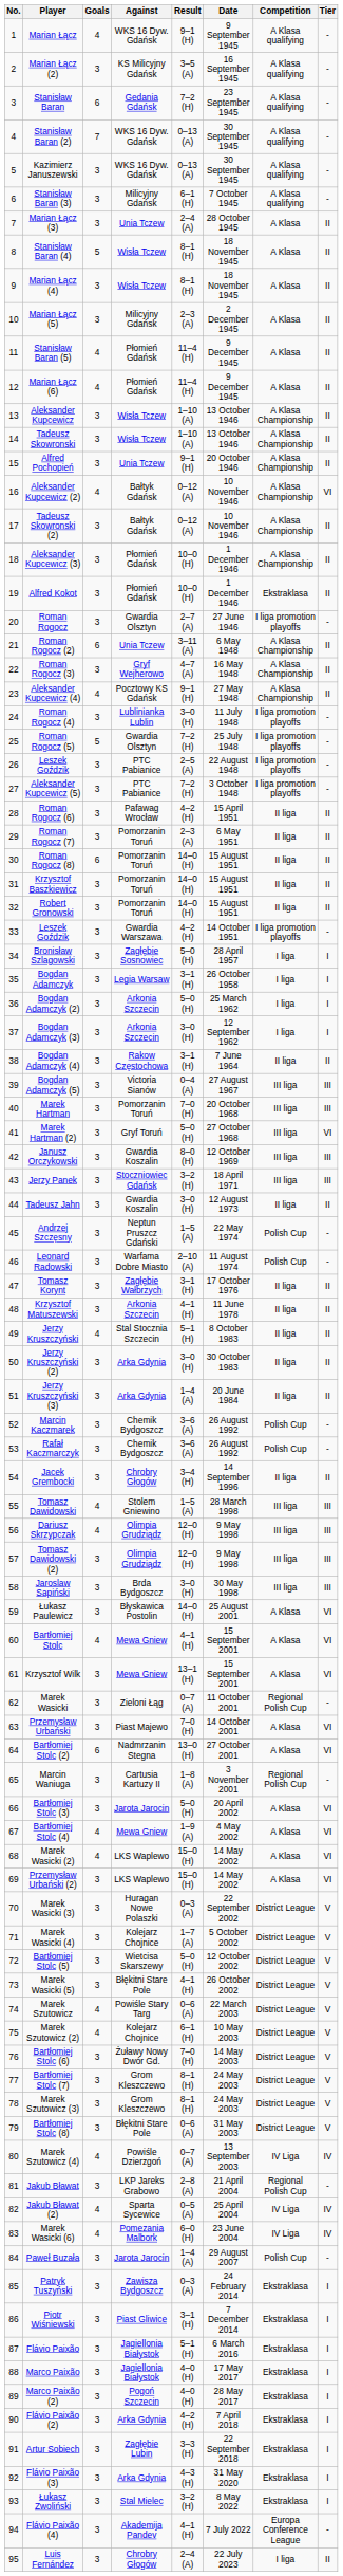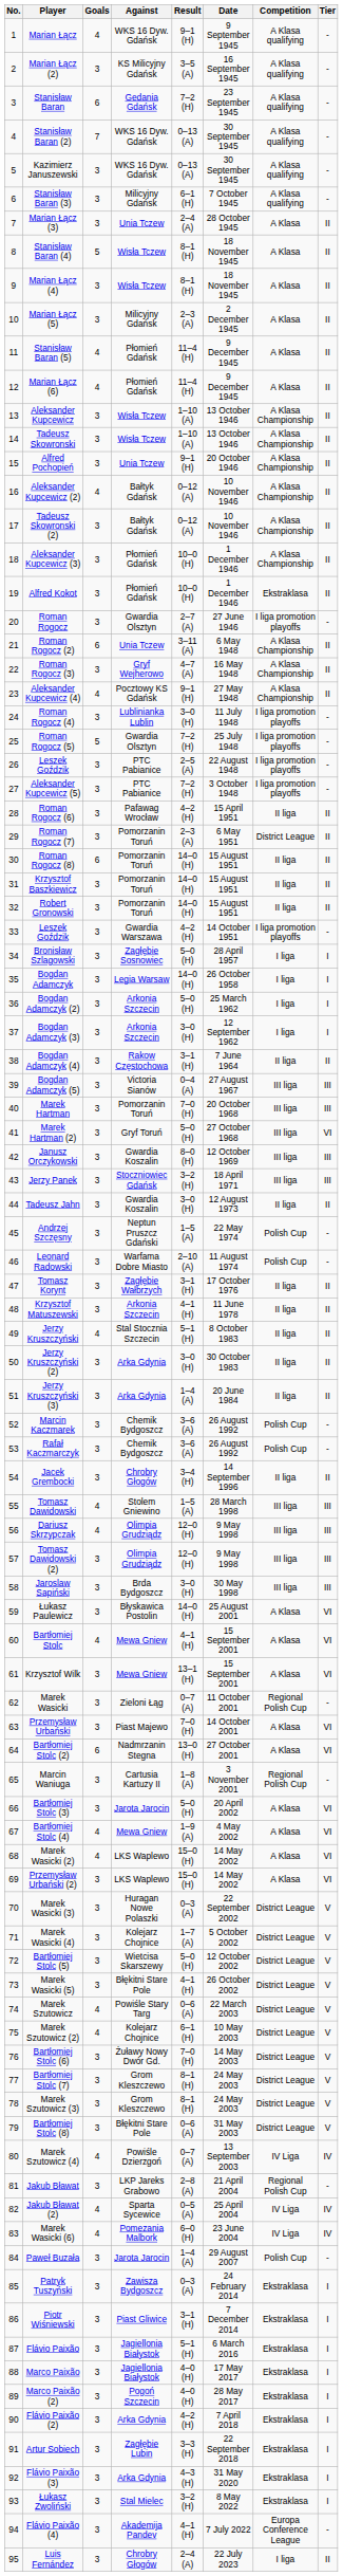 <table class="wikitable" style="text-align: center">
 <tr>
 <th>No.</th>
 <th>Player</th>
 <th>Goals</th>
 <th>Against</th>
 <th>Result</th>
 <th>Date</th>
 <th>Competition</th>
 <th>Tier</th>
 </tr>
 <tr>
 <td>1</td>
 <td><a href='#'>Marian Łącz</a></td>
 <td>4</td>
 <td>WKS 16 Dyw. Gdańsk</td>
 <td>9–1 (H)</td>
 <td>9 September 1945</td>
 <td>A Klasa qualifying</td>
 <td>-</td>
 </tr>
 <tr>
 <td>2</td>
 <td><a href='#'>Marian Łącz</a> (2)</td>
 <td>3</td>
 <td>KS Milicyjny Gdańsk</td>
 <td>3–5 (A)</td>
 <td>16 September 1945</td>
 <td>A Klasa qualifying</td>
 <td>-</td>
 </tr>
 <tr>
 <td>3</td>
 <td><a href='#'>Stanisław Baran</a></td>
 <td>6</td>
 <td><a href='#'>Gedania Gdańsk</a></td>
 <td>7–2 (H)</td>
 <td>23 September 1945</td>
 <td>A Klasa qualifying</td>
 <td>-</td>
 </tr>
 <tr>
 <td>4</td>
 <td><a href='#'>Stanisław Baran</a> (2)</td>
 <td>7</td>
 <td>WKS 16 Dyw. Gdańsk</td>
 <td>0–13 (A)</td>
 <td>30 September 1945</td>
 <td>A Klasa qualifying</td>
 <td>-</td>
 </tr>
 <tr>
 <td>5</td>
 <td>Kazimierz Januszewski</td>
 <td>3</td>
 <td>WKS 16 Dyw. Gdańsk</td>
 <td>0–13 (A)</td>
 <td>30 September 1945</td>
 <td>A Klasa qualifying</td>
 <td>-</td>
 </tr>
 <tr>
 <td>6</td>
 <td><a href='#'>Stanisław Baran</a> (3)</td>
 <td>3</td>
 <td>Milicyjny Gdańsk</td>
 <td>6–1 (H)</td>
 <td>7 October 1945</td>
 <td>A Klasa qualifying</td>
 <td>-</td>
 </tr>
 <tr>
 <td>7</td>
 <td><a href='#'>Marian Łącz</a> (3)</td>
 <td>3</td>
 <td><a href='#'>Unia Tczew</a></td>
 <td>2–4 (A)</td>
 <td>28 October 1945</td>
 <td>A Klasa</td>
 <td>II</td>
 </tr>
 <tr>
 <td>8</td>
 <td><a href='#'>Stanisław Baran</a> (4)</td>
 <td>5</td>
 <td><a href='#'>Wisła Tczew</a></td>
 <td>8–1 (H)</td>
 <td>18 November 1945</td>
 <td>A Klasa</td>
 <td>II</td>
 </tr>
 <tr>
 <td>9</td>
 <td><a href='#'>Marian Łącz</a> (4)</td>
 <td>3</td>
 <td><a href='#'>Wisła Tczew</a></td>
 <td>8–1 (H)</td>
 <td>18 November 1945</td>
 <td>A Klasa</td>
 <td>II</td>
 </tr>
 <tr>
 <td>10</td>
 <td><a href='#'>Marian Łącz</a> (5)</td>
 <td>3</td>
 <td>Milicyjny Gdańsk</td>
 <td>2–3 (A)</td>
 <td>2 December 1945</td>
 <td>A Klasa</td>
 <td>II</td>
 </tr>
 <tr>
 <td>11</td>
 <td><a href='#'>Stanisław Baran</a> (5)</td>
 <td>4</td>
 <td>Płomień Gdańsk</td>
 <td>11–4 (H)</td>
 <td>9 December 1945</td>
 <td>A Klasa</td>
 <td>II</td>
 </tr>
 <tr>
 <td>12</td>
 <td><a href='#'>Marian Łącz</a> (6)</td>
 <td>4</td>
 <td>Płomień Gdańsk</td>
 <td>11–4 (H)</td>
 <td>9 December 1945</td>
 <td>A Klasa</td>
 <td>II</td>
 </tr>
 <tr>
 <td>13</td>
 <td><a href='#'>Aleksander Kupcewicz</a></td>
 <td>3</td>
 <td><a href='#'>Wisła Tczew</a></td>
 <td>1–10 (A)</td>
 <td>13 October 1946</td>
 <td>A Klasa Championship</td>
 <td>II</td>
 </tr>
 <tr>
 <td>14</td>
 <td><a href='#'>Tadeusz Skowronski</a></td>
 <td>3</td>
 <td><a href='#'>Wisła Tczew</a></td>
 <td>1–10 (A)</td>
 <td>13 October 1946</td>
 <td>A Klasa Championship</td>
 <td>II</td>
 </tr>
 <tr>
 <td>15</td>
 <td><a href='#'>Alfred Pochopień</a></td>
 <td>3</td>
 <td><a href='#'>Unia Tczew</a></td>
 <td>9–1 (H)</td>
 <td>20 October 1946</td>
 <td>A Klasa Championship</td>
 <td>II</td>
 </tr>
 <tr>
 <td>16</td>
 <td><a href='#'>Aleksander Kupcewicz</a> (2)</td>
 <td>4</td>
 <td>Bałtyk Gdańsk</td>
 <td>0–12 (A)</td>
 <td>10 November 1946</td>
 <td>A Klasa Championship</td>
-<td>VI</td>
+<td>II</td>
 </tr>
 <tr>
 <td>17</td>
 <td><a href='#'>Tadeusz Skowronski</a> (2)</td>
 <td>3</td>
 <td>Bałtyk Gdańsk</td>
 <td>0–12 (A)</td>
 <td>10 November 1946</td>
 <td>A Klasa Championship</td>
 <td>II</td>
 </tr>
 <tr>
 <td>18</td>
 <td><a href='#'>Aleksander Kupcewicz</a> (3)</td>
 <td>3</td>
 <td>Płomień Gdańsk</td>
 <td>10–0 (H)</td>
 <td>1 December 1946</td>
 <td>A Klasa Championship</td>
 <td>II</td>
 </tr>
 <tr>
 <td>19</td>
 <td><a href='#'>Alfred Kokot</a></td>
 <td>3</td>
 <td>Płomień Gdańsk</td>
 <td>10–0 (H)</td>
 <td>1 December 1946</td>
 <td>Ekstraklasa</td>
 <td>II</td>
 </tr>
 <tr>
 <td>20</td>
 <td><a href='#'>Roman Rogocz</a></td>
 <td>3</td>
 <td>Gwardia Olsztyn</td>
 <td>2–7 (A)</td>
 <td>27 June 1946</td>
 <td>I liga promotion playoffs</td>
 <td>-</td>
 </tr>
 <tr>
 <td>21</td>
 <td><a href='#'>Roman Rogocz</a> (2)</td>
 <td>6</td>
 <td><a href='#'>Unia Tczew</a></td>
 <td>3–11 (A)</td>
 <td>6 May 1948</td>
 <td>A Klasa Championship</td>
 <td>II</td>
 </tr>
 <tr>
 <td>22</td>
 <td><a href='#'>Roman Rogocz</a> (3)</td>
 <td>3</td>
 <td><a href='#'>Gryf Wejherowo</a></td>
 <td>4–7 (A)</td>
 <td>16 May 1948</td>
 <td>A Klasa Championship</td>
 <td>II</td>
 </tr>
 <tr>
 <td>23</td>
 <td><a href='#'>Aleksander Kupcewicz</a> (4)</td>
 <td>4</td>
 <td>Pocztowy KS Gdańsk</td>
 <td>9–1 (H)</td>
 <td>27 May 1948</td>
 <td>A Klasa Championship</td>
 <td>II</td>
 </tr>
 <tr>
 <td>24</td>
 <td><a href='#'>Roman Rogocz</a> (4)</td>
 <td>3</td>
 <td><a href='#'>Lublinianka Lublin</a></td>
 <td>3–0 (H)</td>
 <td>11 July 1948</td>
 <td>I liga promotion playoffs</td>
 <td>-</td>
 </tr>
 <tr>
 <td>25</td>
 <td><a href='#'>Roman Rogocz</a> (5)</td>
 <td>5</td>
 <td>Gwardia Olsztyn</td>
 <td>7–2 (H)</td>
 <td>25 July 1948</td>
 <td>I liga promotion playoffs</td>
 <td>-</td>
 </tr>
 <tr>
 <td>26</td>
 <td><a href='#'>Leszek Goździk</a></td>
 <td>3</td>
 <td>PTC Pabianice</td>
 <td>2–5 (A)</td>
 <td>22 August 1948</td>
 <td>I liga promotion playoffs</td>
 <td>-</td>
 </tr>
 <tr>
 <td>27</td>
 <td><a href='#'>Aleksander Kupcewicz</a> (5)</td>
 <td>3</td>
 <td>PTC Pabianice</td>
 <td>7–2 (H)</td>
 <td>3 October 1948</td>
 <td>I liga promotion playoffs</td>
 <td>-</td>
 </tr>
 <tr>
 <td>28</td>
 <td><a href='#'>Roman Rogocz</a> (6)</td>
 <td>3</td>
 <td>Pafawag Wrocław</td>
 <td>4–2 (H)</td>
 <td>15 April 1951</td>
 <td>II liga</td>
 <td>II</td>
 </tr>
 <tr>
 <td>29</td>
 <td><a href='#'>Roman Rogocz</a> (7)</td>
 <td>3</td>
 <td>Pomorzanin Toruń</td>
 <td>2–3 (A)</td>
 <td>6 May 1951</td>
-<td>II liga</td>
+<td>District League</td>
 <td>II</td>
 </tr>
 <tr>
 <td>30</td>
 <td><a href='#'>Roman Rogocz</a> (8)</td>
 <td>6</td>
 <td>Pomorzanin Toruń</td>
 <td>14–0 (H)</td>
 <td>15 August 1951</td>
 <td>II liga</td>
 <td>II</td>
 </tr>
 <tr>
 <td>31</td>
 <td><a href='#'>Krzysztof Baszkiewicz</a></td>
 <td>3</td>
 <td>Pomorzanin Toruń</td>
 <td>14–0 (H)</td>
 <td>15 August 1951</td>
 <td>II liga</td>
 <td>II</td>
 </tr>
 <tr>
 <td>32</td>
 <td><a href='#'>Robert Gronowski</a></td>
 <td>3</td>
 <td>Pomorzanin Toruń</td>
 <td>14–0 (H)</td>
 <td>15 August 1951</td>
 <td>II liga</td>
 <td>II</td>
 </tr>
 <tr>
 <td>33</td>
 <td><a href='#'>Leszek Goździk</a></td>
 <td>3</td>
 <td>Gwardia Warszawa</td>
 <td>4–2 (H)</td>
 <td>14 October 1951</td>
 <td>I liga promotion playoffs</td>
 <td>-</td>
 </tr>
 <tr>
 <td>34</td>
 <td><a href='#'>Bronisław Szlagowski</a></td>
 <td>3</td>
 <td><a href='#'>Zagłębie Sosnowiec</a></td>
 <td>5–0 (H)</td>
 <td>28 April 1957</td>
 <td>I liga</td>
 <td>I</td>
 </tr>
 <tr>
 <td>35</td>
 <td><a href='#'>Bogdan Adamczyk</a></td>
 <td>3</td>
 <td><a href='#'>Legia Warsaw</a></td>
-<td>3–1 (H)</td>
+<td>14–0 (H)</td>
 <td>26 October 1958</td>
 <td>I liga</td>
 <td>I</td>
 </tr>
 <tr>
 <td>36</td>
 <td><a href='#'>Bogdan Adamczyk</a> (2)</td>
 <td>3</td>
 <td><a href='#'>Arkonia Szczecin</a></td>
 <td>5–0 (H)</td>
 <td>25 March 1962</td>
 <td>I liga</td>
 <td>I</td>
 </tr>
 <tr>
 <td>37</td>
 <td><a href='#'>Bogdan Adamczyk</a> (3)</td>
 <td>3</td>
 <td><a href='#'>Arkonia Szczecin</a></td>
 <td>3–0 (H)</td>
 <td>12 September 1962</td>
 <td>I liga</td>
 <td>I</td>
 </tr>
 <tr>
 <td>38</td>
 <td><a href='#'>Bogdan Adamczyk</a> (4)</td>
 <td>3</td>
 <td><a href='#'>Rakow Częstochowa</a></td>
 <td>3–1 (H)</td>
 <td>7 June 1964</td>
 <td>II liga</td>
 <td>II</td>
 </tr>
 <tr>
 <td>39</td>
 <td><a href='#'>Bogdan Adamczyk</a> (5)</td>
 <td>3</td>
 <td>Victoria Sianów</td>
 <td>0–4 (A)</td>
 <td>27 August 1967</td>
 <td>III liga</td>
 <td>III</td>
 </tr>
 <tr>
 <td>40</td>
 <td><a href='#'>Marek Hartman</a></td>
 <td>3</td>
 <td>Pomorzanin Toruń</td>
 <td>7–0 (H)</td>
 <td>20 October 1968</td>
 <td>III liga</td>
 <td>III</td>
 </tr>
 <tr>
 <td>41</td>
 <td><a href='#'>Marek Hartman</a> (2)</td>
 <td>3</td>
 <td>Gryf Toruń</td>
 <td>5–0 (H)</td>
 <td>27 October 1968</td>
 <td>III liga</td>
 <td>VI</td>
 </tr>
 <tr>
 <td>42</td>
 <td><a href='#'>Janusz Orczykowski</a></td>
 <td>3</td>
 <td>Gwardia Koszalin</td>
 <td>8–0 (H)</td>
 <td>12 October 1969</td>
 <td>III liga</td>
 <td>III</td>
 </tr>
 <tr>
 <td>43</td>
 <td><a href='#'>Jerzy Panek</a></td>
 <td>3</td>
 <td><a href='#'>Stoczniowiec Gdańsk</a></td>
 <td>3–2 (H)</td>
 <td>18 April 1971</td>
 <td>III liga</td>
 <td>III</td>
 </tr>
 <tr>
 <td>44</td>
 <td><a href='#'>Tadeusz Jahn</a></td>
 <td>3</td>
 <td>Gwardia Koszalin</td>
 <td>3–0 (H)</td>
 <td>12 August 1973</td>
 <td>II liga</td>
 <td>II</td>
 </tr>
 <tr>
 <td>45</td>
 <td><a href='#'>Andrzej Szczęsny</a></td>
 <td>3</td>
 <td>Neptun Pruszcz Gdański</td>
 <td>1–5 (A)</td>
 <td>22 May 1974</td>
 <td>Polish Cup</td>
 <td>-</td>
 </tr>
 <tr>
 <td>46</td>
 <td><a href='#'>Leonard Radowski</a></td>
 <td>3</td>
 <td>Warfama Dobre Miasto</td>
 <td>2–10 (A)</td>
 <td>11 August 1974</td>
 <td>Polish Cup</td>
 <td>-</td>
 </tr>
 <tr>
 <td>47</td>
 <td><a href='#'>Tomasz Korynt</a></td>
 <td>3</td>
 <td><a href='#'>Zagłębie Wałbrzych</a></td>
 <td>3–1 (H)</td>
 <td>17 October 1976</td>
 <td>II liga</td>
 <td>II</td>
 </tr>
 <tr>
 <td>48</td>
 <td><a href='#'>Krzysztof Matuszewski</a></td>
 <td>3</td>
 <td><a href='#'>Arkonia Szczecin</a></td>
 <td>4–1 (H)</td>
 <td>11 June 1978</td>
 <td>II liga</td>
 <td>II</td>
 </tr>
 <tr>
 <td>49</td>
 <td><a href='#'>Jerzy Kruszczyński</a></td>
 <td>4</td>
 <td>Stal Stocznia Szczecin</td>
 <td>5–1 (H)</td>
 <td>8 October 1983</td>
 <td>II liga</td>
 <td>II</td>
 </tr>
 <tr>
 <td>50</td>
 <td><a href='#'>Jerzy Kruszczyński</a> (2)</td>
 <td>3</td>
 <td><a href='#'>Arka Gdynia</a></td>
 <td>3–0 (H)</td>
 <td>30 October 1983</td>
 <td>II liga</td>
 <td>II</td>
 </tr>
 <tr>
 <td>51</td>
 <td><a href='#'>Jerzy Kruszczyński</a> (3)</td>
 <td>3</td>
 <td><a href='#'>Arka Gdynia</a></td>
 <td>1–4 (A)</td>
 <td>20 June 1984</td>
 <td>II liga</td>
 <td>II</td>
 </tr>
 <tr>
 <td>52</td>
 <td><a href='#'>Marcin Kaczmarek</a></td>
 <td>3</td>
 <td>Chemik Bydgoszcz</td>
 <td>3–6 (A)</td>
 <td>26 August 1992</td>
 <td>Polish Cup</td>
 <td>-</td>
 </tr>
 <tr>
 <td>53</td>
 <td><a href='#'>Rafał Kaczmarczyk</a></td>
 <td>3</td>
 <td>Chemik Bydgoszcz</td>
 <td>3–6 (A)</td>
 <td>26 August 1992</td>
 <td>Polish Cup</td>
 <td>-</td>
 </tr>
 <tr>
 <td>54</td>
 <td><a href='#'>Jacek Grembocki</a></td>
 <td>3</td>
 <td><a href='#'>Chrobry Głogów</a></td>
 <td>3–4 (H)</td>
 <td>14 September 1996</td>
 <td>II liga</td>
 <td>II</td>
 </tr>
 <tr>
 <td>55</td>
 <td><a href='#'>Tomasz Dawidowski</a></td>
 <td>4</td>
 <td>Stolem Gniewino</td>
 <td>1–5 (A)</td>
 <td>28 March 1998</td>
 <td>III liga</td>
 <td>III</td>
 </tr>
 <tr>
 <td>56</td>
 <td><a href='#'>Dariusz Skrzypczak</a></td>
 <td>4</td>
 <td><a href='#'>Olimpia Grudziądz</a></td>
 <td>12–0 (H)</td>
 <td>9 May 1998</td>
 <td>III liga</td>
 <td>III</td>
 </tr>
 <tr>
 <td>57</td>
 <td><a href='#'>Tomasz Dawidowski</a> (2)</td>
 <td>3</td>
 <td><a href='#'>Olimpia Grudziądz</a></td>
 <td>12–0 (H)</td>
 <td>9 May 1998</td>
 <td>III liga</td>
 <td>III</td>
 </tr>
 <tr>
 <td>58</td>
 <td><a href='#'>Jaroslaw Sapiński</a></td>
 <td>3</td>
 <td>Brda Bydgoszcz</td>
 <td>3–0 (H)</td>
 <td>30 May 1998</td>
 <td>III liga</td>
 <td>III</td>
 </tr>
 <tr>
 <td>59</td>
 <td>Łukasz Paulewicz</td>
 <td>3</td>
 <td>Błyskawica Postolin</td>
 <td>14–0 (H)</td>
 <td>25 August 2001</td>
 <td>A Klasa</td>
 <td>VI</td>
 </tr>
 <tr>
 <td>60</td>
 <td><a href='#'>Bartłomiej Stolc</a></td>
 <td>4</td>
 <td><a href='#'>Mewa Gniew</a></td>
 <td>4–1 (H)</td>
 <td>15 September 2001</td>
 <td>A Klasa</td>
 <td>VI</td>
 </tr>
 <tr>
 <td>61</td>
 <td>Krzysztof Wilk</td>
 <td>3</td>
 <td><a href='#'>Mewa Gniew</a></td>
 <td>13–1 (H)</td>
 <td>15 September 2001</td>
 <td>A Klasa</td>
 <td>VI</td>
 </tr>
 <tr>
 <td>62</td>
 <td>Marek Wasicki</td>
 <td>3</td>
 <td>Zieloni Łąg</td>
 <td>0–7 (A)</td>
 <td>11 October 2001</td>
 <td>Regional Polish Cup</td>
 <td>-</td>
 </tr>
 <tr>
 <td>63</td>
 <td><a href='#'>Przemysław Urbański</a></td>
 <td>3</td>
 <td>Piast Majewo</td>
 <td>7–0 (H)</td>
 <td>14 October 2001</td>
 <td>A Klasa</td>
 <td>VI</td>
 </tr>
 <tr>
 <td>64</td>
 <td><a href='#'>Bartłomiej Stolc</a> (2)</td>
 <td>6</td>
 <td>Nadmrzanin Stegna</td>
 <td>13–0 (H)</td>
 <td>27 October 2001</td>
 <td>A Klasa</td>
 <td>VI</td>
 </tr>
 <tr>
 <td>65</td>
 <td>Marcin Waniuga</td>
 <td>3</td>
 <td>Cartusia Kartuzy II</td>
 <td>1–8 (A)</td>
 <td>3 November 2001</td>
 <td>Regional Polish Cup</td>
 <td>-</td>
 </tr>
 <tr>
 <td>66</td>
 <td><a href='#'>Bartłomiej Stolc</a> (3)</td>
 <td>3</td>
 <td><a href='#'>Jarota Jarocin</a></td>
 <td>5–0 (H)</td>
 <td>20 April 2002</td>
 <td>A Klasa</td>
 <td>VI</td>
 </tr>
 <tr>
 <td>67</td>
 <td><a href='#'>Bartłomiej Stolc</a> (4)</td>
 <td>4</td>
 <td><a href='#'>Mewa Gniew</a></td>
 <td>1–9 (A)</td>
 <td>4 May 2002</td>
 <td>A Klasa</td>
 <td>VI</td>
 </tr>
 <tr>
 <td>68</td>
 <td>Marek Wasicki (2)</td>
 <td>4</td>
 <td>LKS Waplewo</td>
 <td>15–0 (H)</td>
 <td>14 May 2002</td>
 <td>A Klasa</td>
 <td>VI</td>
 </tr>
 <tr>
 <td>69</td>
 <td><a href='#'>Przemysław Urbański</a> (2)</td>
 <td>3</td>
 <td>LKS Waplewo</td>
 <td>15–0 (H)</td>
 <td>14 May 2002</td>
 <td>A Klasa</td>
 <td>VI</td>
 </tr>
 <tr>
 <td>70</td>
 <td>Marek Wasicki (3)</td>
 <td>3</td>
 <td>Huragan Nowe Polaszki</td>
 <td>0–3 (A)</td>
 <td>22 September 2002</td>
 <td>District League</td>
 <td>V</td>
 </tr>
 <tr>
 <td>71</td>
 <td>Marek Wasicki (4)</td>
 <td>3</td>
 <td>Kolejarz Chojnice</td>
 <td>1–7 (A)</td>
 <td>5 October 2002</td>
 <td>District League</td>
 <td>V</td>
 </tr>
 <tr>
 <td>72</td>
 <td><a href='#'>Bartłomiej Stolc</a> (5)</td>
 <td>3</td>
 <td>Wietcisa Skarszewy</td>
 <td>5–0 (H)</td>
 <td>12 October 2002</td>
 <td>District League</td>
 <td>V</td>
 </tr>
 <tr>
 <td>73</td>
 <td>Marek Wasicki (5)</td>
 <td>3</td>
 <td>Błękitni Stare Pole</td>
 <td>4–1 (H)</td>
 <td>26 October 2002</td>
 <td>District League</td>
 <td>V</td>
 </tr>
 <tr>
 <td>74</td>
 <td>Marek Szutowicz</td>
 <td>4</td>
 <td>Powiśle Stary Targ</td>
 <td>0–6 (A)</td>
 <td>22 March 2003</td>
 <td>District League</td>
 <td>V</td>
 </tr>
 <tr>
 <td>75</td>
 <td>Marek Szutowicz (2)</td>
 <td>4</td>
 <td>Kolejarz Chojnice</td>
 <td>6–1 (H)</td>
 <td>10 May 2003</td>
 <td>District League</td>
 <td>V</td>
 </tr>
 <tr>
 <td>76</td>
 <td><a href='#'>Bartłomiej Stolc</a> (6)</td>
 <td>3</td>
 <td>Żuławy Nowy Dwór Gd.</td>
 <td>7–0 (H)</td>
 <td>14 May 2003</td>
 <td>District League</td>
 <td>V</td>
 </tr>
 <tr>
 <td>77</td>
 <td><a href='#'>Bartłomiej Stolc</a> (7)</td>
 <td>3</td>
 <td>Grom Kleszczewo</td>
 <td>8–1 (H)</td>
 <td>24 May 2003</td>
 <td>District League</td>
 <td>V</td>
 </tr>
 <tr>
 <td>78</td>
 <td>Marek Szutowicz (3)</td>
 <td>3</td>
 <td>Grom Kleszczewo</td>
 <td>8–1 (H)</td>
 <td>24 May 2003</td>
 <td>District League</td>
 <td>V</td>
 </tr>
 <tr>
 <td>79</td>
 <td><a href='#'>Bartłomiej Stolc</a> (8)</td>
 <td>3</td>
 <td>Błękitni Stare Pole</td>
 <td>0–6 (A)</td>
 <td>31 May 2003</td>
 <td>District League</td>
 <td>V</td>
 </tr>
 <tr>
 <td>80</td>
 <td>Marek Szutowicz (4)</td>
 <td>4</td>
 <td>Powiśle Dzierzgoń</td>
 <td>0–7 (A)</td>
 <td>13 September 2003</td>
 <td>IV Liga</td>
 <td>IV</td>
 </tr>
 <tr>
 <td>81</td>
 <td><a href='#'>Jakub Bławat</a></td>
 <td>3</td>
 <td>LKP Jareks Grabowo</td>
 <td>2–8 (A)</td>
 <td>21 April 2004</td>
 <td>Regional Polish Cup</td>
 <td>-</td>
 </tr>
 <tr>
 <td>82</td>
 <td><a href='#'>Jakub Bławat</a> (2)</td>
 <td>4</td>
 <td>Sparta Sycewice</td>
 <td>0–5 (A)</td>
 <td>25 April 2004</td>
 <td>IV Liga</td>
 <td>IV</td>
 </tr>
 <tr>
 <td>83</td>
 <td>Marek Wasicki (6)</td>
 <td>4</td>
 <td><a href='#'>Pomezania Malbork</a></td>
 <td>6–0 (H)</td>
 <td>23 June 2004</td>
 <td>IV Liga</td>
 <td>IV</td>
 </tr>
 <tr>
 <td>84</td>
 <td><a href='#'>Paweł Buzała</a></td>
 <td>3</td>
 <td><a href='#'>Jarota Jarocin</a></td>
 <td>1–4 (A)</td>
 <td>29 August 2007</td>
 <td>Polish Cup</td>
 <td>-</td>
 </tr>
 <tr>
 <td>85</td>
 <td><a href='#'>Patryk Tuszyński</a></td>
 <td>3</td>
 <td><a href='#'>Zawisza Bydgoszcz</a></td>
 <td>0–3 (A)</td>
 <td>24 February 2014</td>
 <td>Ekstraklasa</td>
 <td>I</td>
 </tr>
 <tr>
 <td>86</td>
 <td><a href='#'>Piotr Wiśniewski</a></td>
 <td>3</td>
 <td><a href='#'>Piast Gliwice</a></td>
 <td>3–1 (H)</td>
 <td>7 December 2014</td>
 <td>Ekstraklasa</td>
 <td>I</td>
 </tr>
 <tr>
 <td>87</td>
 <td><a href='#'>Flávio Paixão</a></td>
 <td>3</td>
 <td><a href='#'>Jagiellonia Białystok</a></td>
 <td>5–1 (H)</td>
 <td>6 March 2016</td>
 <td>Ekstraklasa</td>
 <td>I</td>
 </tr>
 <tr>
 <td>88</td>
 <td><a href='#'>Marco Paixão</a></td>
 <td>3</td>
 <td><a href='#'>Jagiellonia Białystok</a></td>
 <td>4–0 (H)</td>
 <td>17 May 2017</td>
 <td>Ekstraklasa</td>
 <td>I</td>
 </tr>
 <tr>
 <td>89</td>
 <td><a href='#'>Marco Paixão</a> (2)</td>
 <td>3</td>
 <td><a href='#'>Pogoń Szczecin</a></td>
 <td>4–0 (H)</td>
 <td>28 May 2017</td>
 <td>Ekstraklasa</td>
 <td>I</td>
 </tr>
 <tr>
 <td>90</td>
 <td><a href='#'>Flávio Paixão</a> (2)</td>
 <td>3</td>
 <td><a href='#'>Arka Gdynia</a></td>
 <td>4–2 (H)</td>
 <td>7 April 2018</td>
 <td>Ekstraklasa</td>
 <td>I</td>
 </tr>
 <tr>
 <td>91</td>
 <td><a href='#'>Artur Sobiech</a></td>
 <td>3</td>
 <td><a href='#'>Zagłębie Lubin</a></td>
 <td>3–3 (H)</td>
 <td>22 September 2018</td>
 <td>Ekstraklasa</td>
 <td>I</td>
 </tr>
 <tr>
 <td>92</td>
 <td><a href='#'>Flávio Paixão</a> (3)</td>
 <td>3</td>
 <td><a href='#'>Arka Gdynia</a></td>
 <td>4–3 (H)</td>
 <td>31 May 2020</td>
 <td>Ekstraklasa</td>
 <td>I</td>
 </tr>
 <tr>
 <td>93</td>
 <td><a href='#'>Łukasz Zwoliński</a></td>
 <td>3</td>
 <td><a href='#'>Stal Mielec</a></td>
 <td>3–2 (H)</td>
 <td>8 May 2022</td>
 <td>Ekstraklasa</td>
 <td>I</td>
 </tr>
 <tr>
 <td>94</td>
 <td><a href='#'>Flávio Paixão</a> (4)</td>
 <td>3</td>
 <td><a href='#'>Akademija Pandev</a></td>
 <td>4–1 (H)</td>
 <td>7 July 2022</td>
 <td>Europa Conference League</td>
 <td>-</td>
 </tr>
 <tr>
 <td>95</td>
 <td><a href='#'>Luis Fernández</a></td>
 <td>3</td>
 <td><a href='#'>Chrobry Głogów</a></td>
 <td>2–4 (A)</td>
 <td>22 July 2023</td>
 <td>I liga</td>
 <td>II</td>
 </tr>
 </table>
